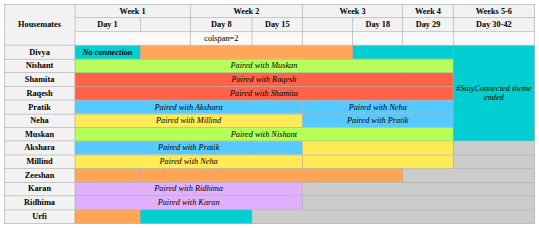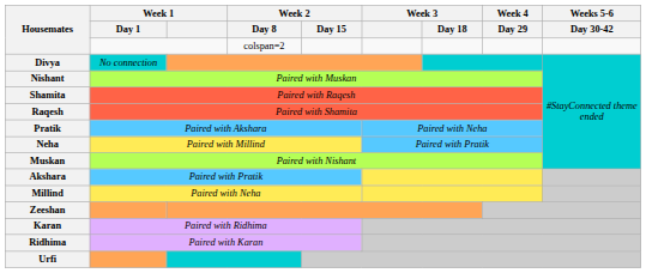 <table class="wikitable" style="text-align:center; font-size:85%; ">
 <tr>
 <th rowspan="3" style="width: 5%;">Housemates</th>
 <th colspan="2" style="width: 5%;">Week 1</th>
 <th colspan="2" style="width: 5%;">Week 2</th>
 <th colspan="2" style="width: 5%;">Week 3</th>
 <th style="width: 5%;">Week 4</th>
 <th style="width: 5%;">Weeks 5-6</th>
 </tr>
 <tr>
 <th style="width: 5%;">Day 1</th>
 <th style="width: 5%;"></th>
 <th style="width: 5%;">Day 8</th>
 <th style="width: 5%;">Day 15</th>
 <th style="width: 5%;"></th>
 <th style="width: 5%;">Day 18</th>
 <th style="width: 5%;">Day 29</th>
 <th style="width: 5%;">Day 30-42</th>
 </tr>
 <tr>
 <td colspan="2"></td>
 <td>colspan=2 </td>
 <td></td>
 <td></td>
 <td></td>
 <td></td>
 </tr>
 <tr>
 <th>Divya</th>
-<td colspan="1" style="background:#00CED1;"><strong><em>No connection</em></strong></td>
+<td colspan="1" style="background:#00CED1;"><em>No connection</em></td>
 <td colspan="4" style="background:#FFA556;"><em></em></td>
 <td colspan="2" style="background:#00CED1;"><em></em></td>
 <td rowspan="7" style="background:#00CED1;"><em>#StayConnected theme ended</em></td>
 </tr>
 <tr>
 <th>Nishant</th>
 <td colspan="7" style="background:#B5FF56;"><em>Paired with Muskan</em></td>
 </tr>
 <tr>
 <th>Shamita</th>
 <td colspan="7" style="background:tomato;"><em>Paired with Raqesh</em></td>
 </tr>
 <tr>
 <th>Raqesh</th>
 <td colspan="7" style="background:tomato;"><em>Paired with Shamita</em></td>
 </tr>
 <tr>
 <th>Pratik</th>
 <td colspan="4" style="background:#56C9FF;"><em>Paired with Akshara</em></td>
 <td colspan="3" style="background:#56C9FF;"><em>Paired with Neha</em></td>
 </tr>
 <tr>
 <th>Neha</th>
 <td colspan="4" style="background:#FFEB56;"><em>Paired with Millind</em></td>
 <td colspan="3" style="background:#56C9FF;"><em>Paired with Pratik</em></td>
 </tr>
 <tr>
 <th>Muskan</th>
 <td colspan="7" style="background:#B5FF56;"><em>Paired with Nishant</em></td>
 </tr>
 <tr>
 <th>Akshara</th>
 <td colspan="4" style="background:#56C9FF;"><em>Paired with Pratik</em></td>
 <td colspan="3" style="background:#FFEB56;"><em></em></td>
 <td colspan="1" style="background:#ccc"></td>
 </tr>
 <tr>
 <th>Millind</th>
 <td colspan="4" style="background:#FFEB56;"><em>Paired with Neha</em></td>
 <td colspan="3" style="background:#FFEB56;"><em></em></td>
 <td colspan="1" style="background:#ccc"></td>
 </tr>
 <tr>
 <th>Zeeshan</th>
 <td colspan="1" style="background:#FFA556;"><em></em></td>
 <td colspan="5" style="background:#FFA556;"><em></em></td>
 <td colspan="2" style="background:#ccc"></td>
 </tr>
 <tr>
 <th>Karan</th>
 <td colspan="4" style="background:#E0B0FF;"><em>Paired with Ridhima</em></td>
 <td colspan="4" style="background:#ccc"></td>
 </tr>
 <tr>
 <th>Ridhima</th>
 <td colspan="4" style="background:#E0B0FF;"><em>Paired with Karan</em></td>
 <td colspan="4" style="background:#ccc"></td>
 </tr>
 <tr>
 <th>Urfi</th>
 <td colspan="1" style="background:#FFA556;"><em></em></td>
 <td colspan="2" style="background:#00CED1"><em></em></td>
 <td colspan="5" style="background:#ccc"></td>
 </tr>
 </table>
